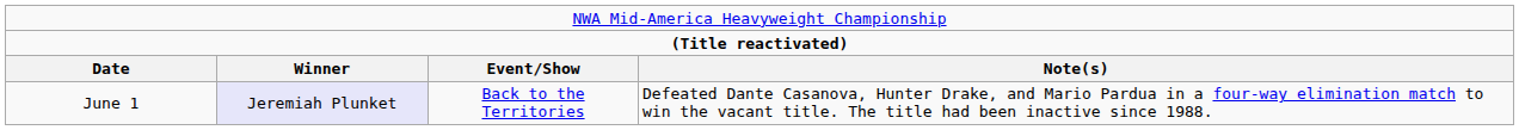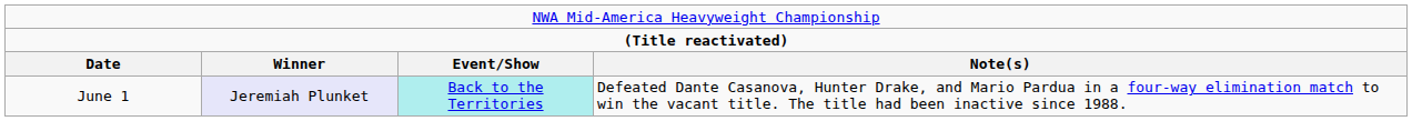 <table class="wikitable" style="text-align:center; width:100%;">
 <tr>
 <td colspan="4" style="text-align: center;"><a href='#'>NWA Mid-America Heavyweight Championship</a></td>
 </tr>
 <tr>
 <td colspan="4" style="text-align: center;"><strong>(Title reactivated)</strong></td>
 </tr>
 <tr>
 <th width=14%>Date</th>
 <th width=14%>Winner</th>
 <th width=14%>Event/Show</th>
 <th width=58%>Note(s)</th>
 </tr>
 <tr>
 <td>June 1<br></td>
 <td style="background: lavender;">Jeremiah Plunket</td>
-<td><a href='#'>Back to the Territories</a></td>
+<td style="background: paleturquoise;"><a href='#'>Back to the Territories</a></td>
 <td align=left>Defeated Dante Casanova, Hunter Drake, and Mario Pardua in a <a href='#'>four-way elimination match</a> to win the vacant title. The title had been inactive since 1988.</td>
 </tr>
 <tr>
 </tr>
 </table>
